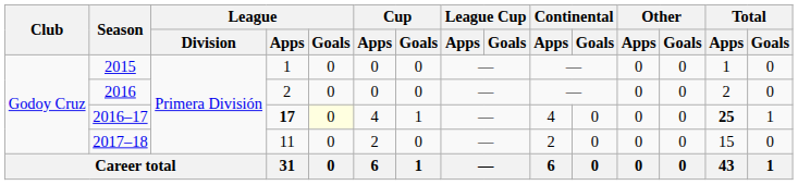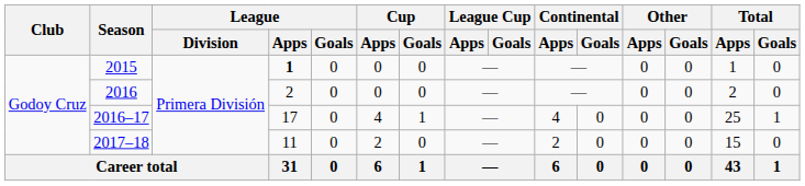 <table class="wikitable" style="text-align:center">
 <tr>
 <th rowspan="2">Club</th>
 <th rowspan="2">Season</th>
 <th colspan="3">League</th>
 <th colspan="2">Cup</th>
 <th colspan="2">League Cup</th>
 <th colspan="2">Continental</th>
 <th colspan="2">Other</th>
 <th colspan="2">Total</th>
 </tr>
 <tr>
 <th>Division</th>
 <th>Apps</th>
 <th>Goals</th>
 <th>Apps</th>
 <th>Goals</th>
 <th>Apps</th>
 <th>Goals</th>
 <th>Apps</th>
 <th>Goals</th>
 <th>Apps</th>
 <th>Goals</th>
 <th>Apps</th>
 <th>Goals</th>
 </tr>
 <tr>
 <td rowspan="4"><a href='#'>Godoy Cruz</a></td>
 <td><a href='#'>2015</a></td>
 <td rowspan="4"><a href='#'>Primera División</a></td>
-<td>1</td>
+<td><strong>1</strong></td>
 <td>0</td>
 <td>0</td>
 <td>0</td>
 <td colspan="2">—</td>
 <td colspan="2">—</td>
 <td>0</td>
 <td>0</td>
 <td>1</td>
 <td>0</td>
 </tr>
 <tr>
 <td><a href='#'>2016</a></td>
 <td>2</td>
 <td>0</td>
 <td>0</td>
 <td>0</td>
 <td colspan="2">—</td>
 <td colspan="2">—</td>
 <td>0</td>
 <td>0</td>
 <td>2</td>
 <td>0</td>
 </tr>
 <tr>
 <td><a href='#'>2016–17</a></td>
-<td><strong>17</strong></td>
-<td style="background: lightyellow;">0</td>
+<td>17</td>
+<td>0</td>
 <td>4</td>
 <td>1</td>
 <td colspan="2">—</td>
 <td>4</td>
 <td>0</td>
 <td>0</td>
 <td>0</td>
-<td><strong>25</strong></td>
+<td>25</td>
 <td>1</td>
 </tr>
 <tr>
 <td><a href='#'>2017–18</a></td>
 <td>11</td>
 <td>0</td>
 <td>2</td>
 <td>0</td>
 <td colspan="2">—</td>
 <td>2</td>
 <td>0</td>
 <td>0</td>
 <td>0</td>
 <td>15</td>
 <td>0</td>
 </tr>
 <tr>
 <th colspan="3">Career total</th>
 <th>31</th>
 <th>0</th>
 <th>6</th>
 <th>1</th>
 <th colspan="2">—</th>
 <th>6</th>
 <th>0</th>
 <th>0</th>
 <th>0</th>
 <th>43</th>
 <th>1</th>
 </tr>
 </table>
